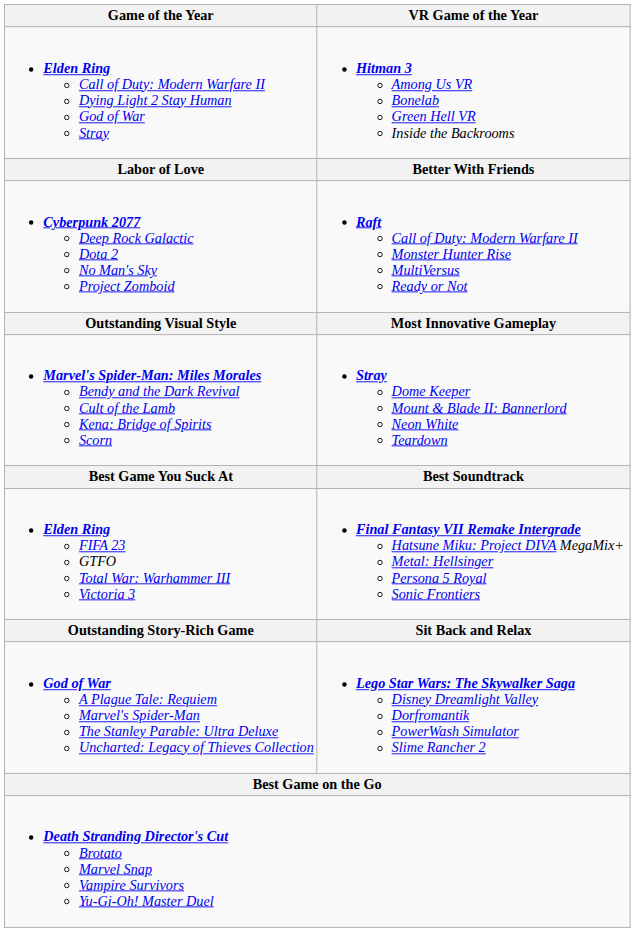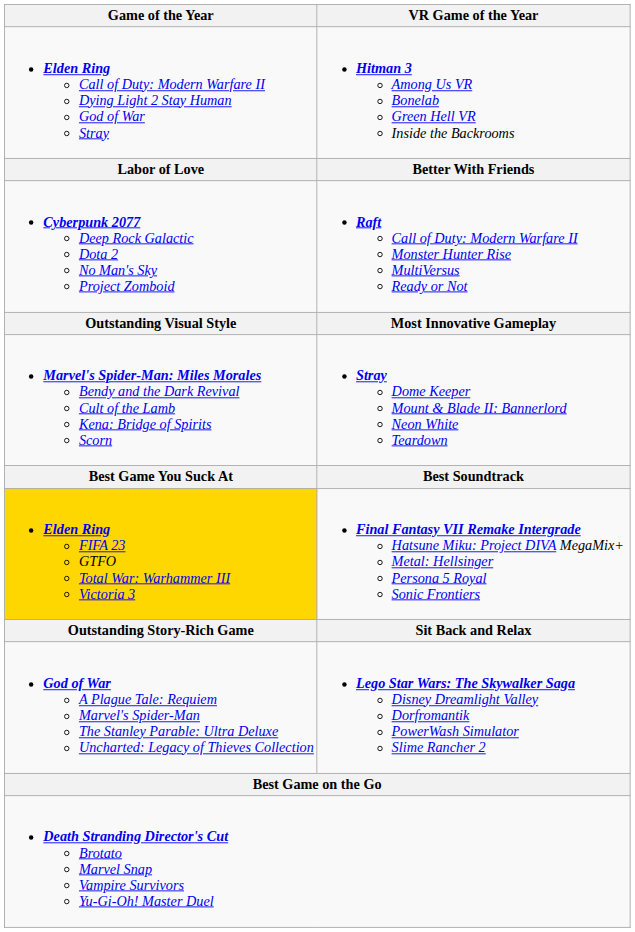 <table class=wikitable>
 <tr>
 <th style="width:50%">Game of the Year</th>
 <th style="width:50%">VR Game of the Year</th>
 </tr>
 <tr>
 <td valign="top"><br><ul><li><strong><em><a href='#'>Elden Ring</a></em></strong><ul><li><em><a href='#'>Call of Duty: Modern Warfare II</a></em></li><li><em><a href='#'>Dying Light 2 Stay Human</a></em></li><li><em><a href='#'>God of War</a></em></li><li><em><a href='#'>Stray</a></em></li></ul></li></ul></td>
 <td valign="top"><br><ul><li><strong><em><a href='#'>Hitman 3</a></em></strong><ul><li><em><a href='#'>Among Us VR</a></em></li><li><em><a href='#'>Bonelab</a></em></li><li><em><a href='#'>Green Hell VR</a></em></li><li><em>Inside the Backrooms</em></li></ul></li></ul></td>
 </tr>
 <tr>
 <th style="width:50%">Labor of Love</th>
 <th style="width:50%">Better With Friends</th>
 </tr>
 <tr>
 <td valign="top"><br><ul><li><strong><em><a href='#'>Cyberpunk 2077</a></em></strong><ul><li><em><a href='#'>Deep Rock Galactic</a></em></li><li><em><a href='#'>Dota 2</a></em></li><li><em><a href='#'>No Man's Sky</a></em></li><li><em><a href='#'>Project Zomboid</a></em></li></ul></li></ul></td>
 <td valign="top"><br><ul><li><strong><em><a href='#'>Raft</a></em></strong><ul><li><em><a href='#'>Call of Duty: Modern Warfare II</a></em></li><li><em><a href='#'>Monster Hunter Rise</a></em></li><li><em><a href='#'>MultiVersus</a></em></li><li><em><a href='#'>Ready or Not</a></em></li></ul></li></ul></td>
 </tr>
 <tr>
 <th style="width:50%">Outstanding Visual Style</th>
 <th style="width:50%">Most Innovative Gameplay</th>
 </tr>
 <tr>
 <td valign="top"><br><ul><li><strong><em><a href='#'>Marvel's Spider-Man: Miles Morales</a></em></strong><ul><li><em><a href='#'>Bendy and the Dark Revival</a></em></li><li><em><a href='#'>Cult of the Lamb</a></em></li><li><em><a href='#'>Kena: Bridge of Spirits</a></em></li><li><em><a href='#'>Scorn</a></em></li></ul></li></ul></td>
 <td valign="top"><br><ul><li><strong><em><a href='#'>Stray</a></em></strong><ul><li><em><a href='#'>Dome Keeper</a></em></li><li><em><a href='#'>Mount & Blade II: Bannerlord</a></em></li><li><em><a href='#'>Neon White</a></em></li><li><em><a href='#'>Teardown</a></em></li></ul></li></ul></td>
 </tr>
 <tr>
 <th style="width:50%">Best Game You Suck At</th>
 <th style="width:50%">Best Soundtrack</th>
 </tr>
 <tr>
-<td valign="top"><br><ul><li><strong><em><a href='#'>Elden Ring</a></em></strong><ul><li><em><a href='#'>FIFA 23</a></em></li><li><em>GTFO</em></li><li><em><a href='#'>Total War: Warhammer III</a></em></li><li><em><a href='#'>Victoria 3</a></em></li></ul></li></ul></td>
+<td valign="top" style="background: gold;"><br><ul><li><strong><em><a href='#'>Elden Ring</a></em></strong><ul><li><em><a href='#'>FIFA 23</a></em></li><li><em>GTFO</em></li><li><em><a href='#'>Total War: Warhammer III</a></em></li><li><em><a href='#'>Victoria 3</a></em></li></ul></li></ul></td>
 <td valign="top"><br><ul><li><strong><em><a href='#'>Final Fantasy VII Remake Intergrade</a></em></strong><ul><li><em><a href='#'>Hatsune Miku: Project DIVA</a> MegaMix+</em></li><li><em><a href='#'>Metal: Hellsinger</a></em></li><li><em><a href='#'>Persona 5 Royal</a></em></li><li><em><a href='#'>Sonic Frontiers</a></em></li></ul></li></ul></td>
 </tr>
 <tr>
 <th style="width:50%">Outstanding Story-Rich Game</th>
 <th style="width:50%">Sit Back and Relax</th>
 </tr>
 <tr>
 <td valign="top"><br><ul><li><strong><em><a href='#'>God of War</a></em></strong><ul><li><em><a href='#'>A Plague Tale: Requiem</a></em></li><li><em><a href='#'>Marvel's Spider-Man</a></em></li><li><em><a href='#'>The Stanley Parable: Ultra Deluxe</a></em></li><li><em><a href='#'>Uncharted: Legacy of Thieves Collection</a></em></li></ul></li></ul></td>
 <td valign="top"><br><ul><li><strong><em><a href='#'>Lego Star Wars: The Skywalker Saga</a></em></strong><ul><li><em><a href='#'>Disney Dreamlight Valley</a></em></li><li><em><a href='#'>Dorfromantik</a></em></li><li><em><a href='#'>PowerWash Simulator</a></em></li><li><em><a href='#'>Slime Rancher 2</a></em></li></ul></li></ul></td>
 </tr>
 <tr>
 <th colspan="2" style="width:50%">Best Game on the Go</th>
 </tr>
 <tr>
 <td colspan="2" valign="top"><br><ul><li><strong><em><a href='#'>Death Stranding Director's Cut</a></em></strong><ul><li><em><a href='#'>Brotato</a></em></li><li><em><a href='#'>Marvel Snap</a></em></li><li><em><a href='#'>Vampire Survivors</a></em></li><li><em><a href='#'>Yu-Gi-Oh! Master Duel</a></em></li></ul></li></ul></td>
 </tr>
 </table>
